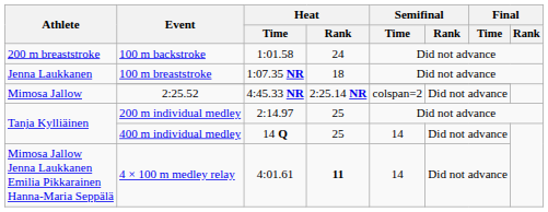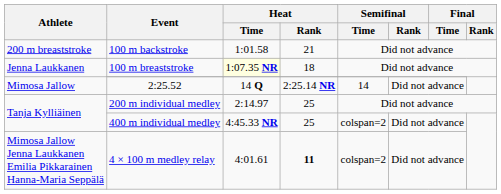 <table class=wikitable style="font-size:90%">
 <tr>
 <th rowspan="2">Athlete</th>
 <th rowspan="2">Event</th>
 <th colspan="2">Heat</th>
 <th colspan="2">Semifinal</th>
 <th colspan="2">Final</th>
 </tr>
 <tr style="font-size:95%">
 <th>Time</th>
 <th>Rank</th>
 <th>Time</th>
 <th>Rank</th>
 <th>Time</th>
 <th>Rank</th>
 </tr>
 <tr align=center>
 <td align=left><a href='#'>200 m breaststroke</a></td>
 <td align=left><a href='#'>100 m backstroke</a></td>
 <td>1:01.58</td>
-<td>24</td>
+<td>21</td>
 <td colspan=4>Did not advance</td>
 </tr>
 <tr align=center>
 <td align=left rowspan=2><a href='#'>Jenna Laukkanen</a></td>
 <td align=left><a href='#'>100 m breaststroke</a></td>
-<td>1:07.35 <strong><a href='#'>NR</a></strong></td>
+<td style="background: lightyellow;">1:07.35 <strong><a href='#'>NR</a></strong></td>
 <td>18</td>
 <td colspan=4>Did not advance</td>
 </tr>
 <tr align=center>
 </tr>
 <tr align=center>
 <td align=left><a href='#'>Mimosa Jallow</a></td>
 <td>2:25.52</td>
-<td>4:45.33 <strong><a href='#'>NR</a></strong></td>
+<td>14 <strong>Q</strong></td>
 <td>2:25.14 <strong><a href='#'>NR</a></strong></td>
-<td>colspan=2 </td>
+<td>14</td>
 <td colspan=2>Did not advance</td>
 </tr>
 <tr align=center>
 <td align=left rowspan=2><a href='#'>Tanja Kylliäinen</a></td>
 <td align=left><a href='#'>200 m individual medley</a></td>
 <td>2:14.97</td>
 <td>25</td>
 <td colspan=4>Did not advance</td>
 </tr>
 <tr align=center>
 <td align=left><a href='#'>400 m individual medley</a></td>
-<td>14 <strong>Q</strong></td>
+<td>4:45.33 <strong><a href='#'>NR</a></strong></td>
 <td>25</td>
-<td>14</td>
+<td>colspan=2 </td>
 <td colspan=2>Did not advance</td>
 </tr>
 <tr align=center>
 <td align=left><a href='#'>Mimosa Jallow</a><br><a href='#'>Jenna Laukkanen</a><br><a href='#'>Emilia Pikkarainen</a><br><a href='#'>Hanna-Maria Seppälä</a></td>
 <td align=left><a href='#'>4 × 100 m medley relay</a></td>
 <td>4:01.61</td>
 <td><strong>11</strong></td>
-<td>14</td>
+<td>colspan=2 </td>
 <td colspan=2>Did not advance</td>
 </tr>
 </table>
